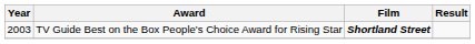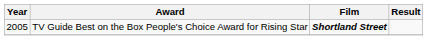 <table class ="wikitable sortable">
 <tr>
 <th>Year</th>
 <th>Award</th>
 <th>Film</th>
 <th>Result</th>
 </tr>
 <tr>
-<td>2003</td>
+<td>2005</td>
 <td>TV Guide Best on the Box People's Choice Award for Rising Star</td>
 <td align="center"><strong><em>Shortland Street</em></strong></td>
 <td></td>
 </tr>
 <tr>
 </tr>
 </table>
